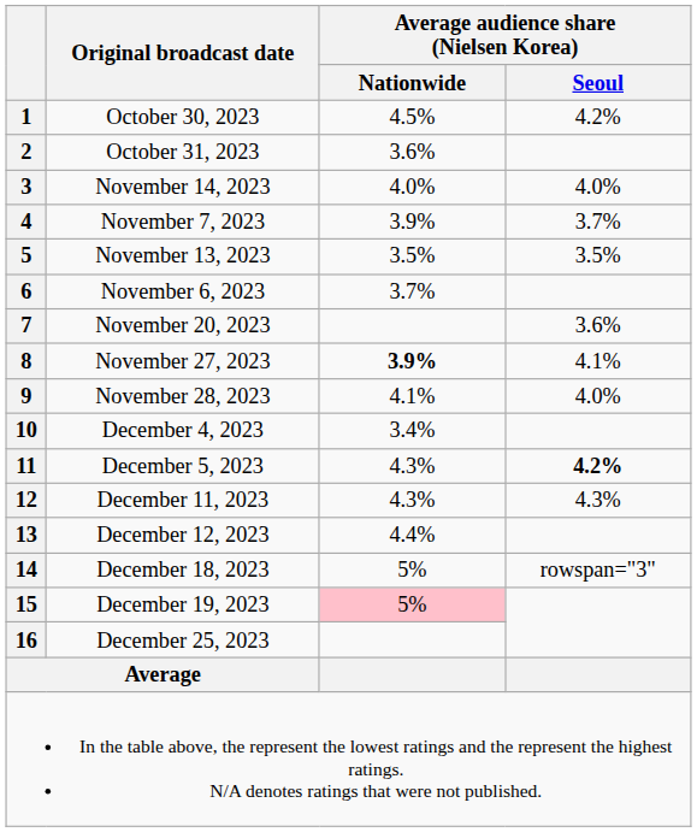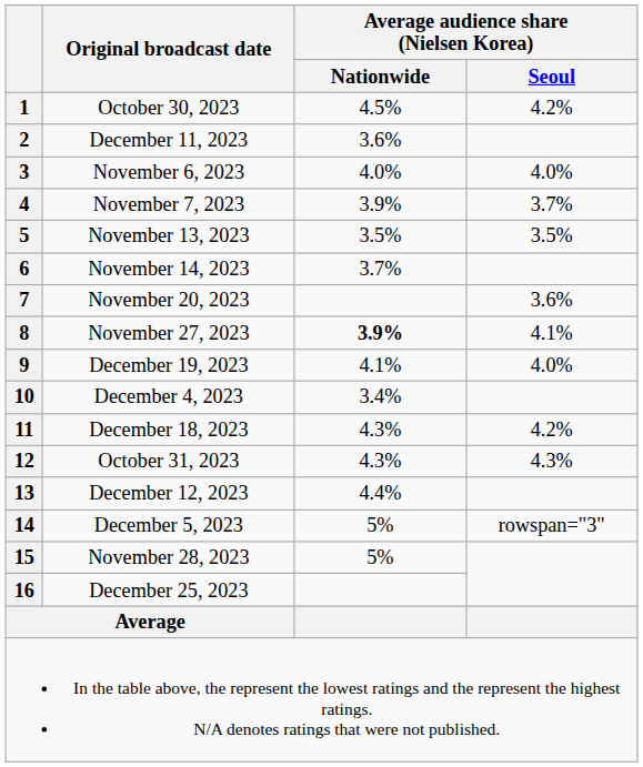 <table class="wikitable" style="margin-left:auto; margin-right:auto; width:500px; text-align:center">
 <tr>
 <th scope="col" rowspan="2"></th>
 <th scope="col" rowspan="2">Original broadcast date</th>
 <th scope="col" colspan="2">Average audience share<br>(Nielsen Korea)</th>
 </tr>
 <tr>
 <th scope="col" style="width:8em">Nationwide</th>
 <th scope="col" style="width:8em"><a href='#'>Seoul</a></th>
 </tr>
 <tr>
 <th scope="row">1</th>
 <td>October 30, 2023</td>
 <td>4.5% </td>
 <td>4.2% </td>
 </tr>
 <tr>
 <th scope="row">2</th>
-<td>October 31, 2023</td>
+<td>December 11, 2023</td>
 <td>3.6% </td>
 <td><strong></strong> </td>
 </tr>
 <tr>
 <th scope="row">3</th>
-<td>November 14, 2023</td>
+<td>November 6, 2023</td>
 <td>4.0% </td>
 <td>4.0% </td>
 </tr>
 <tr>
 <th scope="row">4</th>
 <td>November 7, 2023</td>
 <td>3.9% </td>
 <td>3.7% </td>
 </tr>
 <tr>
 <th scope="row">5</th>
 <td>November 13, 2023</td>
 <td>3.5% </td>
 <td>3.5% </td>
 </tr>
 <tr>
 <th scope="row">6</th>
-<td>November 6, 2023</td>
+<td>November 14, 2023</td>
 <td>3.7% </td>
 <td><strong></strong> </td>
 </tr>
 <tr>
 <th scope="row">7</th>
 <td>November 20, 2023</td>
 <td><strong></strong> </td>
 <td>3.6% </td>
 </tr>
 <tr>
 <th scope="row">8</th>
 <td>November 27, 2023</td>
 <td><strong>3.9% </strong></td>
 <td>4.1% </td>
 </tr>
 <tr>
 <th scope="row">9</th>
-<td>November 28, 2023</td>
+<td>December 19, 2023</td>
 <td>4.1% </td>
 <td>4.0% </td>
 </tr>
 <tr>
 <th scope="row">10</th>
 <td>December 4, 2023</td>
 <td>3.4% </td>
 <td><strong></strong> </td>
 </tr>
 <tr>
 <th scope="row">11</th>
-<td>December 5, 2023</td>
+<td>December 18, 2023</td>
 <td>4.3% </td>
-<td><strong>4.2% </strong></td>
+<td>4.2% </td>
 </tr>
 <tr>
 <th scope="row">12</th>
-<td>December 11, 2023</td>
+<td>October 31, 2023</td>
 <td>4.3% </td>
 <td>4.3% </td>
 </tr>
 <tr>
 <th scope="row">13</th>
 <td>December 12, 2023</td>
 <td>4.4% </td>
 <td><strong></strong> </td>
 </tr>
 <tr>
 <th scope="row">14</th>
-<td>December 18, 2023</td>
+<td>December 5, 2023</td>
 <td>5% </td>
 <td>rowspan="3" </td>
 </tr>
 <tr>
 <th scope="row">15</th>
-<td>December 19, 2023</td>
-<td style="background: pink;">5% </td>
+<td>November 28, 2023</td>
+<td>5% </td>
 </tr>
 <tr>
 <th scope="row">16</th>
 <td>December 25, 2023</td>
 <td><strong></strong> </td>
 </tr>
 <tr>
 <th scope="row" colspan="2">Average</th>
 <th></th>
 <th></th>
 </tr>
 <tr>
 <td colspan="4" style="font-size:85%"><br><ul><li>In the table above, the <strong></strong> represent the lowest ratings and the <strong></strong> represent the highest ratings.</li><li>N/A denotes ratings that were not published.</li></ul></td>
 </tr>
 </table>
